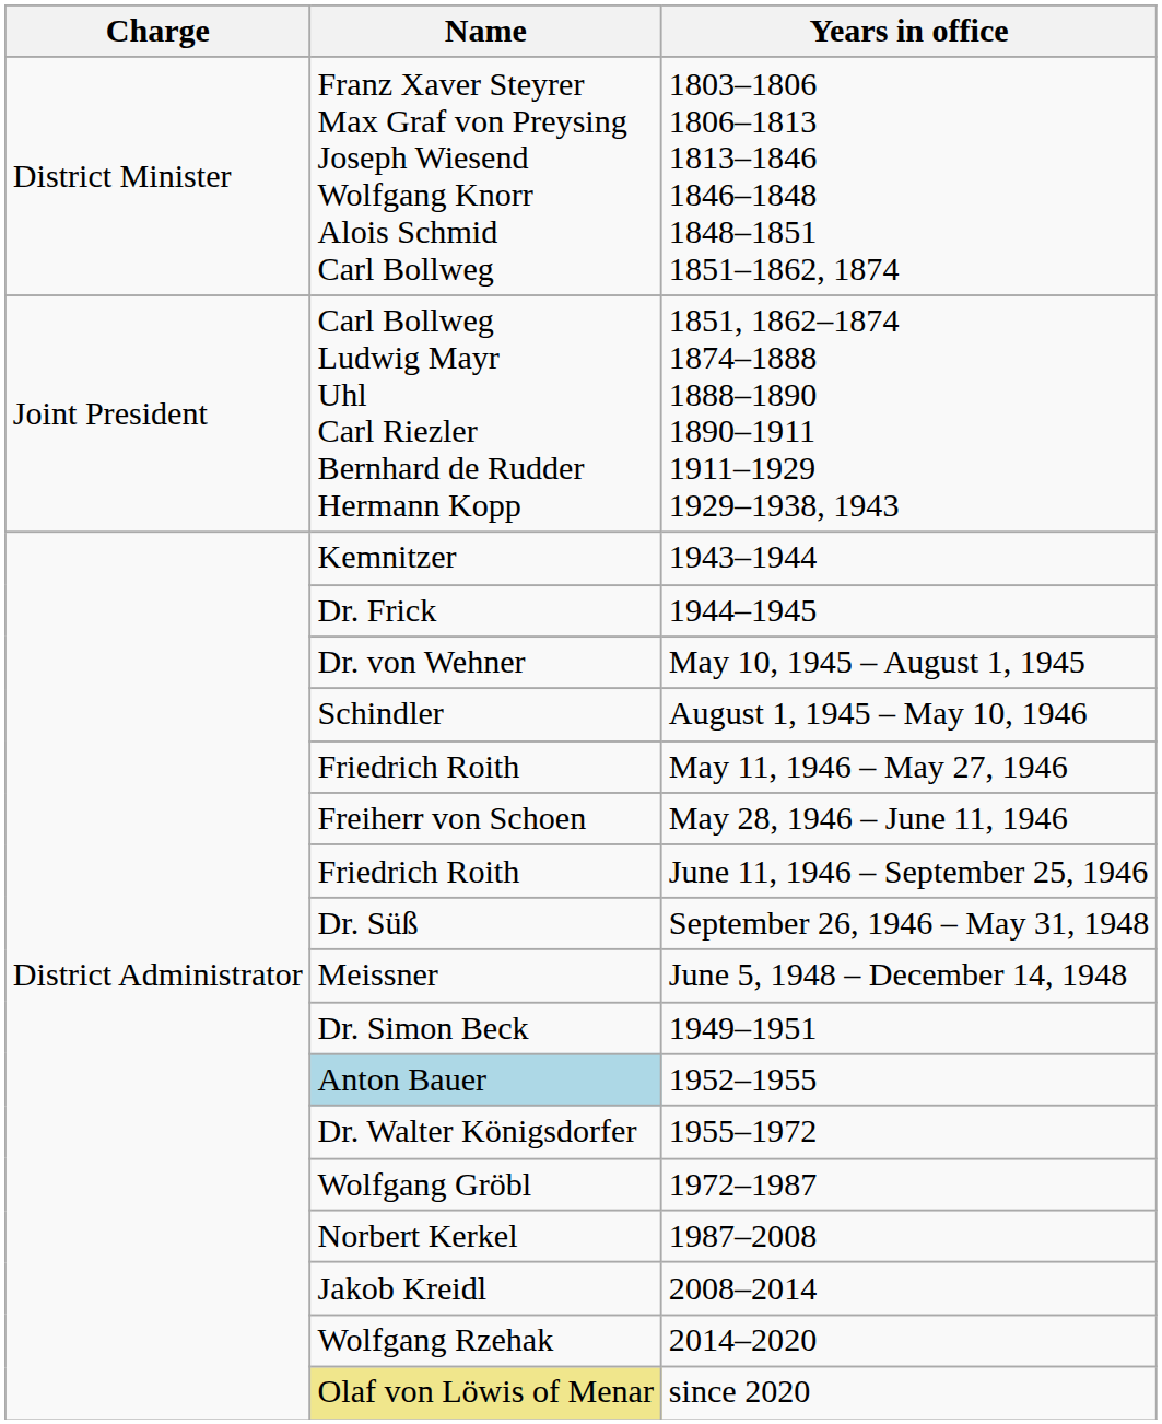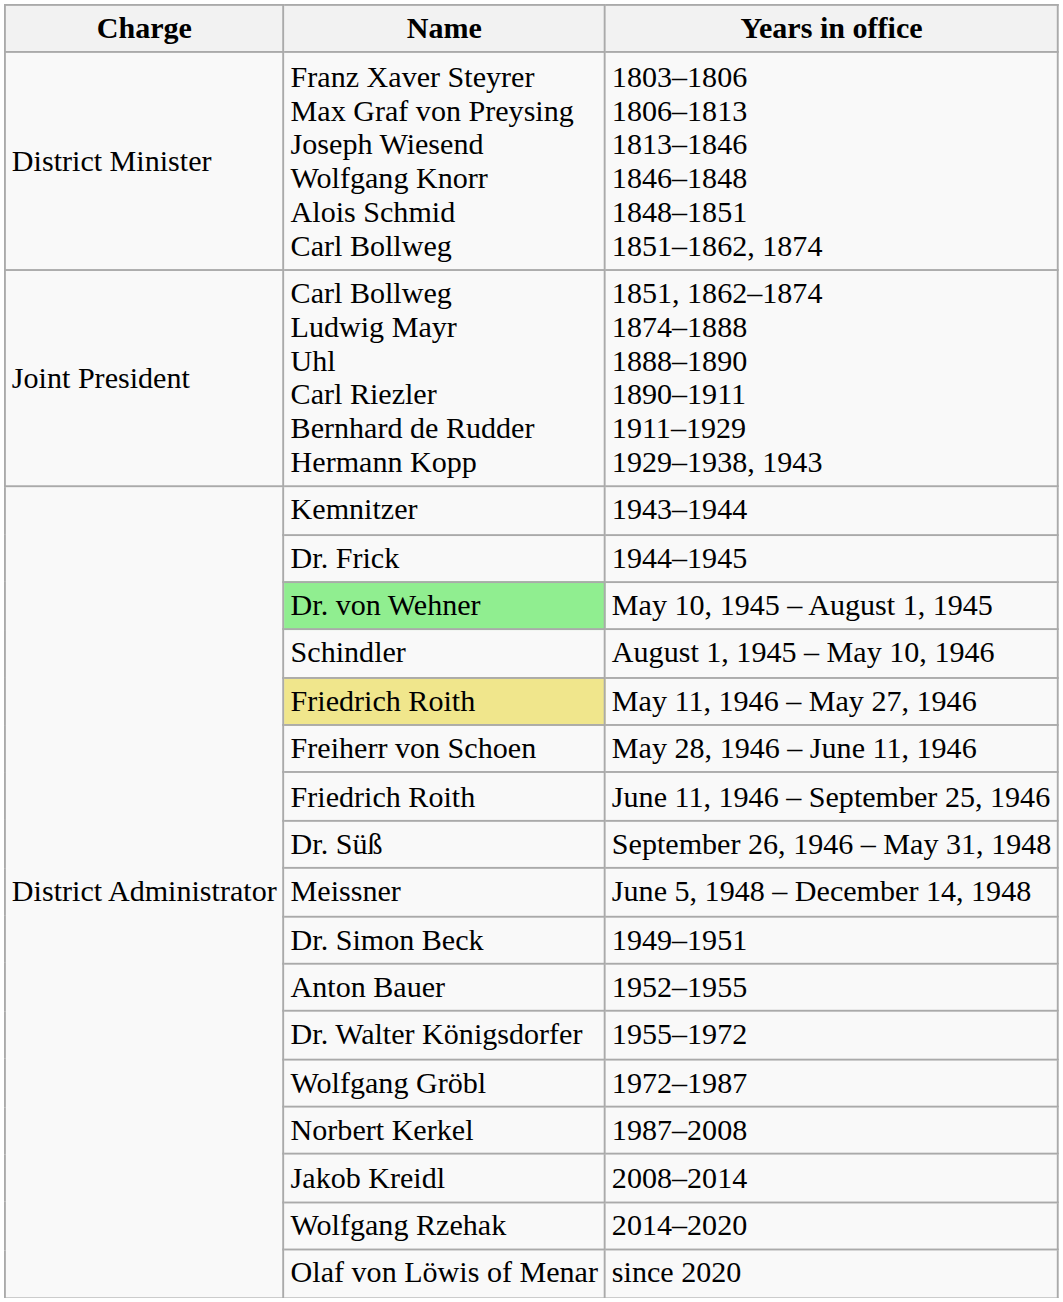 <table class="wikitable">
 <tr>
 <th>Charge</th>
 <th>Name</th>
 <th>Years in office</th>
 </tr>
 <tr>
 <td>District Minister</td>
 <td>Franz Xaver Steyrer <br> Max Graf von Preysing <br> Joseph Wiesend <br> Wolfgang Knorr <br> Alois Schmid <br> Carl Bollweg</td>
 <td>1803–1806<br> 1806–1813<br> 1813–1846<br> 1846–1848<br> 1848–1851<br> 1851–1862, 1874</td>
 </tr>
 <tr>
 <td>Joint President</td>
 <td>Carl Bollweg<br> Ludwig Mayr<br> Uhl<br> Carl Riezler<br> Bernhard de Rudder<br> Hermann Kopp</td>
 <td>1851, 1862–1874<br> 1874–1888<br> 1888–1890<br> 1890–1911<br> 1911–1929<br> 1929–1938, 1943</td>
 </tr>
 <tr>
 <td rowspan=17>District Administrator</td>
 <td>Kemnitzer</td>
 <td>1943–1944</td>
 </tr>
 <tr>
 <td>Dr. Frick</td>
 <td>1944–1945</td>
 </tr>
 <tr>
-<td>Dr. von Wehner</td>
+<td style="background: lightgreen;">Dr. von Wehner</td>
 <td>May 10, 1945 – August 1, 1945</td>
 </tr>
 <tr>
 <td>Schindler</td>
 <td>August 1, 1945 – May 10, 1946</td>
 </tr>
 <tr>
-<td>Friedrich Roith</td>
+<td style="background: khaki;">Friedrich Roith</td>
 <td>May 11, 1946 – May 27, 1946</td>
 </tr>
 <tr>
 <td>Freiherr von Schoen</td>
 <td>May 28, 1946 – June 11, 1946</td>
 </tr>
 <tr>
 <td>Friedrich Roith</td>
 <td>June 11, 1946 – September 25, 1946</td>
 </tr>
 <tr>
 <td>Dr. Süß</td>
 <td>September 26, 1946 – May 31, 1948</td>
 </tr>
 <tr>
 <td>Meissner</td>
 <td>June 5, 1948 – December 14, 1948</td>
 </tr>
 <tr>
 <td>Dr. Simon Beck</td>
 <td>1949–1951</td>
 </tr>
 <tr>
-<td style="background: lightblue;">Anton Bauer</td>
+<td>Anton Bauer</td>
 <td>1952–1955</td>
 </tr>
 <tr>
 <td>Dr. Walter Königsdorfer</td>
 <td>1955–1972</td>
 </tr>
 <tr>
 <td>Wolfgang Gröbl</td>
 <td>1972–1987</td>
 </tr>
 <tr>
 <td>Norbert Kerkel</td>
 <td>1987–2008</td>
 </tr>
 <tr>
 <td>Jakob Kreidl</td>
 <td>2008–2014</td>
 </tr>
 <tr>
 <td>Wolfgang Rzehak</td>
 <td>2014–2020</td>
 </tr>
 <tr>
-<td style="background: khaki;">Olaf von Löwis of Menar</td>
+<td>Olaf von Löwis of Menar</td>
 <td>since 2020</td>
 </tr>
 </table>
